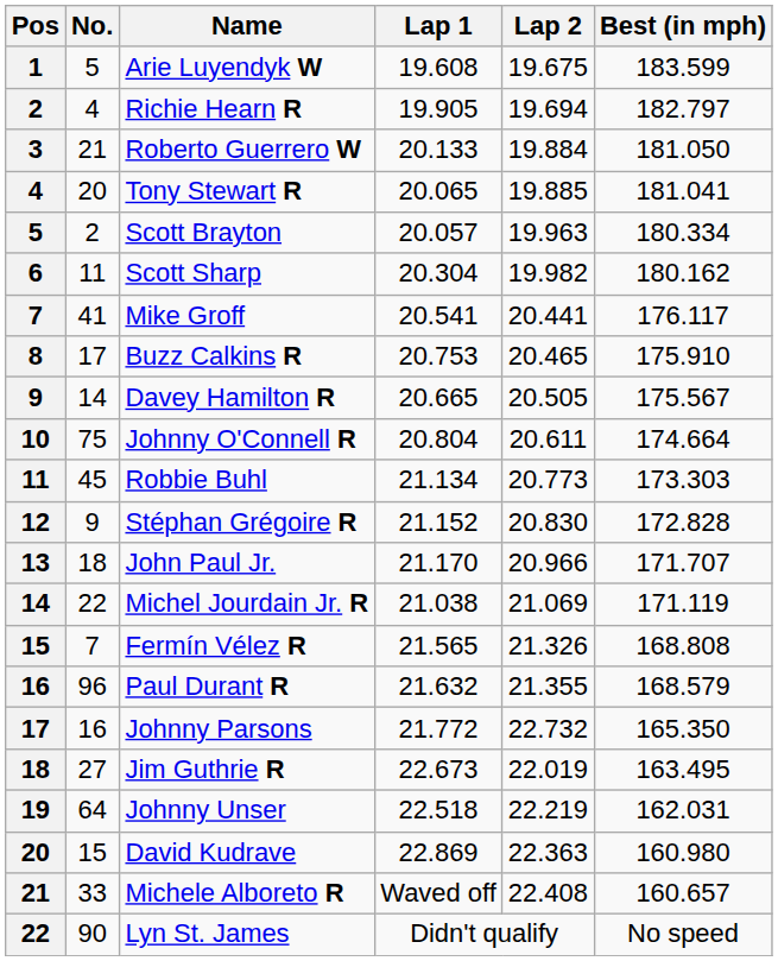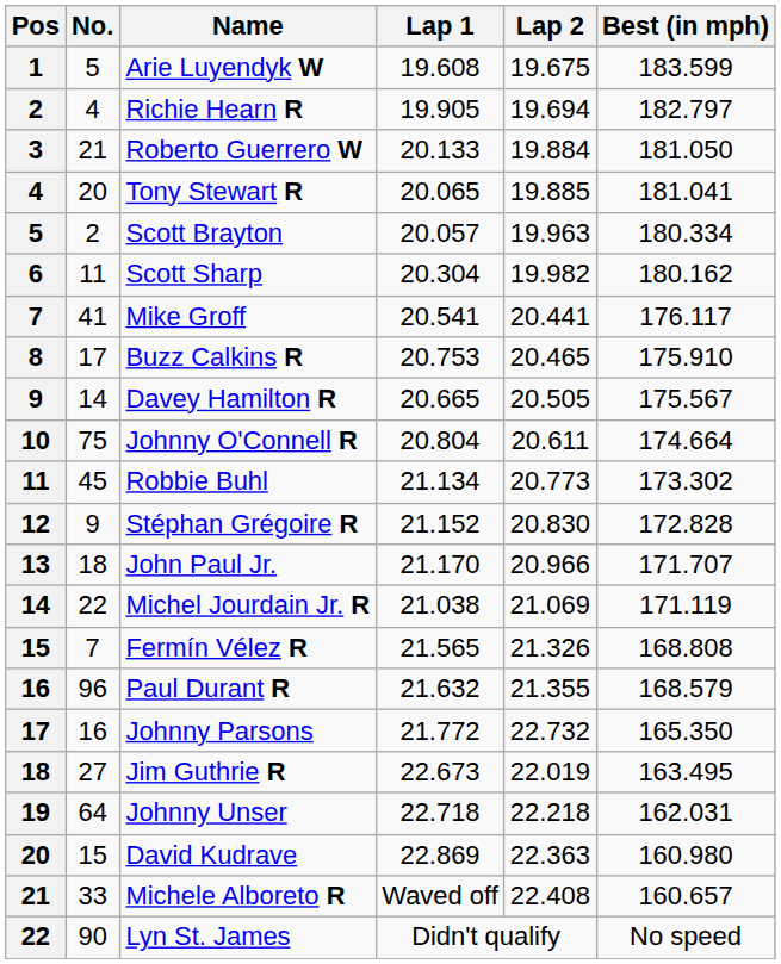 <table class="wikitable sortable" " style="fontsize:95%">
 <tr>
 <th>Pos</th>
 <th>No.</th>
 <th>Name</th>
 <th>Lap 1</th>
 <th>Lap 2</th>
 <th>Best (in mph)</th>
 </tr>
 <tr>
 <th scope="row">1</th>
 <td align=center>5</td>
 <td> <a href='#'>Arie Luyendyk</a> <strong><span>W</span></strong></td>
 <td align="center">19.608</td>
 <td align="center">19.675</td>
 <td align="center">183.599</td>
 </tr>
 <tr>
 <th scope="row">2</th>
 <td align=center>4</td>
 <td> <a href='#'>Richie Hearn</a> <strong><span>R</span></strong></td>
 <td align="center">19.905</td>
 <td align="center">19.694</td>
 <td align="center">182.797</td>
 </tr>
 <tr>
 <th scope="row">3</th>
 <td align=center>21</td>
 <td> <a href='#'>Roberto Guerrero</a> <strong><span>W</span></strong></td>
 <td align="center">20.133</td>
 <td align="center">19.884</td>
 <td align="center">181.050</td>
 </tr>
 <tr>
 <th scope="row">4</th>
 <td align=center>20</td>
 <td> <a href='#'>Tony Stewart</a> <strong><span>R</span></strong></td>
 <td align="center">20.065</td>
 <td align="center">19.885</td>
 <td align="center">181.041</td>
 </tr>
 <tr>
 <th scope="row">5</th>
 <td align=center>2</td>
 <td> <a href='#'>Scott Brayton</a></td>
 <td align="center">20.057</td>
 <td align="center">19.963</td>
 <td align="center">180.334</td>
 </tr>
 <tr>
 <th scope="row">6</th>
 <td align=center>11</td>
 <td> <a href='#'>Scott Sharp</a></td>
 <td align="center">20.304</td>
 <td align="center">19.982</td>
 <td align="center">180.162</td>
 </tr>
 <tr>
 <th scope="row">7</th>
 <td align=center>41</td>
 <td> <a href='#'>Mike Groff</a></td>
 <td align="center">20.541</td>
 <td align="center">20.441</td>
 <td align="center">176.117</td>
 </tr>
 <tr>
 <th scope="row">8</th>
 <td align=center>17</td>
 <td> <a href='#'>Buzz Calkins</a> <strong><span>R</span></strong></td>
 <td align="center">20.753</td>
 <td align="center">20.465</td>
 <td align="center">175.910</td>
 </tr>
 <tr>
 <th scope="row">9</th>
 <td align=center>14</td>
 <td> <a href='#'>Davey Hamilton</a> <strong><span>R</span></strong></td>
 <td align="center">20.665</td>
 <td align="center">20.505</td>
 <td align="center">175.567</td>
 </tr>
 <tr>
 <th scope="row">10</th>
 <td align=center>75</td>
 <td> <a href='#'>Johnny O'Connell</a> <strong><span>R</span></strong></td>
 <td align="center">20.804</td>
 <td align="center">20.611</td>
 <td align="center">174.664</td>
 </tr>
 <tr>
 <th scope="row">11</th>
 <td align=center>45</td>
 <td> <a href='#'>Robbie Buhl</a></td>
 <td align="center">21.134</td>
 <td align="center">20.773</td>
-<td align="center">173.303</td>
+<td align="center">173.302</td>
 </tr>
 <tr>
 <th scope="row">12</th>
 <td align=center>9</td>
 <td> <a href='#'>Stéphan Grégoire</a> <strong><span>R</span></strong></td>
 <td align="center">21.152</td>
 <td align="center">20.830</td>
 <td align="center">172.828</td>
 </tr>
 <tr>
 <th scope="row">13</th>
 <td align=center>18</td>
 <td> <a href='#'>John Paul Jr.</a></td>
 <td align="center">21.170</td>
 <td align="center">20.966</td>
 <td align="center">171.707</td>
 </tr>
 <tr>
 <th scope="row">14</th>
 <td align=center>22</td>
 <td> <a href='#'>Michel Jourdain Jr.</a> <strong><span>R</span></strong></td>
 <td align="center">21.038</td>
 <td align="center">21.069</td>
 <td align="center">171.119</td>
 </tr>
 <tr>
 <th scope="row">15</th>
 <td align=center>7</td>
 <td> <a href='#'>Fermín Vélez</a> <strong><span>R</span></strong></td>
 <td align="center">21.565</td>
 <td align="center">21.326</td>
 <td align="center">168.808</td>
 </tr>
 <tr>
 <th scope="row">16</th>
 <td align=center>96</td>
 <td> <a href='#'>Paul Durant</a> <strong><span>R</span></strong></td>
 <td align="center">21.632</td>
 <td align="center">21.355</td>
 <td align="center">168.579</td>
 </tr>
 <tr>
 <th scope="row">17</th>
 <td align=center>16</td>
 <td> <a href='#'>Johnny Parsons</a></td>
 <td align="center">21.772</td>
 <td align="center">22.732</td>
 <td align="center">165.350</td>
 </tr>
 <tr>
 <th scope="row">18</th>
 <td align=center>27</td>
 <td> <a href='#'>Jim Guthrie</a> <strong><span>R</span></strong></td>
 <td align="center">22.673</td>
 <td align="center">22.019</td>
 <td align="center">163.495</td>
 </tr>
 <tr>
 <th scope="row">19</th>
 <td align=center>64</td>
 <td> <a href='#'>Johnny Unser</a></td>
-<td align="center">22.518</td>
-<td align="center">22.219</td>
+<td align="center">22.718</td>
+<td align="center">22.218</td>
 <td align="center">162.031</td>
 </tr>
 <tr>
 <th scope="row">20</th>
 <td align=center>15</td>
 <td> <a href='#'>David Kudrave</a></td>
 <td align="center">22.869</td>
 <td align="center">22.363</td>
 <td align="center">160.980</td>
 </tr>
 <tr>
 <th scope="row">21</th>
 <td align=center>33</td>
 <td> <a href='#'>Michele Alboreto</a> <strong><span>R</span></strong></td>
 <td align="center">Waved off</td>
 <td align="center">22.408</td>
 <td align="center">160.657</td>
 </tr>
 <tr>
 <th scope="row">22</th>
 <td align=center>90</td>
 <td> <a href='#'>Lyn St. James</a></td>
 <td colspan=2 align="center">Didn't qualify</td>
 <td align="center">No speed</td>
 </tr>
 </table>
